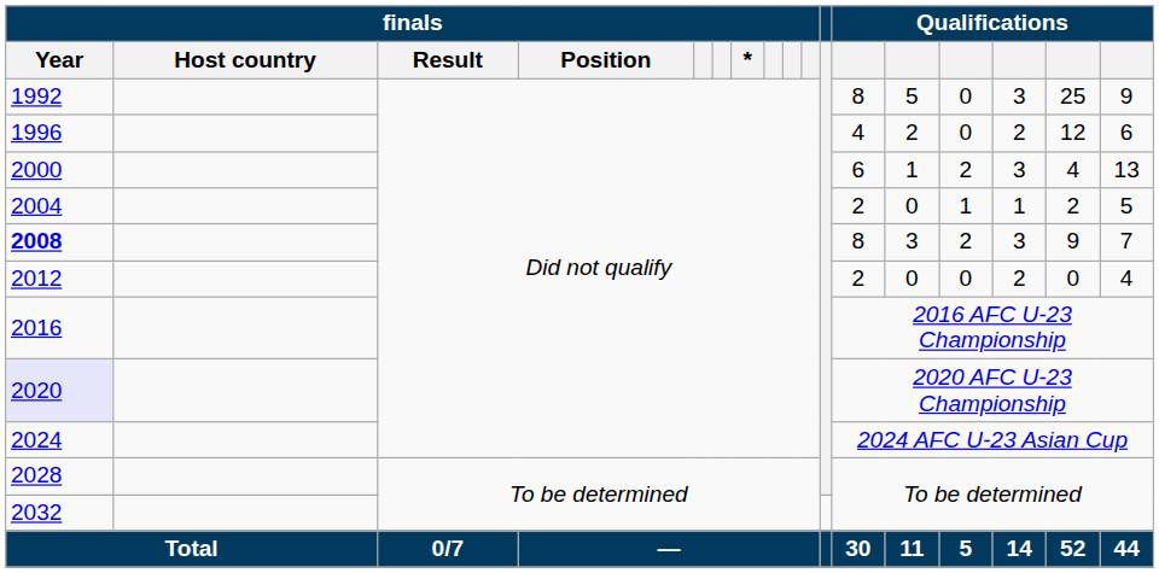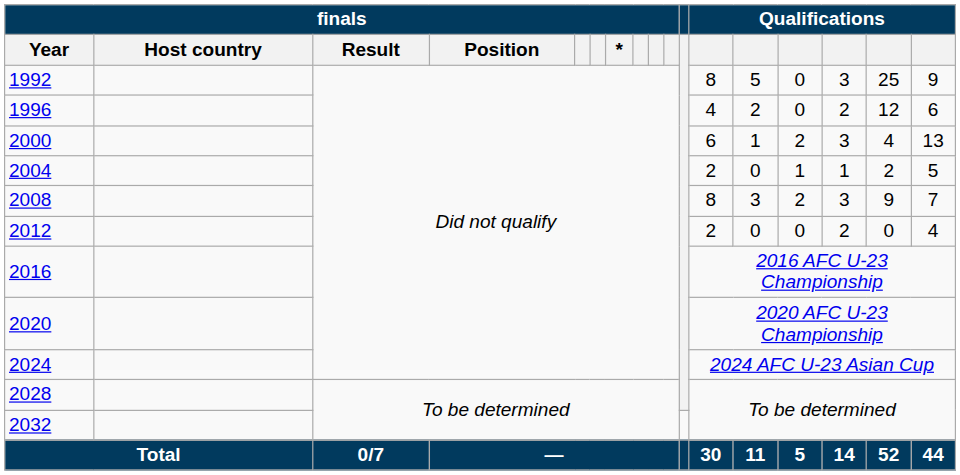 <table class="wikitable" style="text-align: center; font-size:100%; width: 800px">
 <tr>
 <th colspan="10" style="background: #013A5E; color: #FFFFFF;"><a href='#'></a> finals</th>
 <th style="background: #013A5E; color: #FFFFFF;"></th>
 <th colspan="6" style="background: #013A5E; color: #FFFFFF;">Qualifications</th>
 </tr>
 <tr>
 <th>Year</th>
 <th>Host country</th>
 <th>Result</th>
 <th>Position</th>
 <th></th>
 <th></th>
 <th>*</th>
 <th></th>
 <th></th>
 <th></th>
 <th rowspan="11" style="width:1%;"></th>
 <th width=30></th>
 <th width=30></th>
 <th width=30></th>
 <th width=30></th>
 <th width=30></th>
 <th width=30></th>
 </tr>
 <tr>
 <td style="text-align: left"><a href='#'>1992</a></td>
 <td style="text-align: left"></td>
 <td colspan="8" rowspan=9 style="text-align:center"><em>Did not qualify</em></td>
 <td>8</td>
 <td>5</td>
 <td>0</td>
 <td>3</td>
 <td>25</td>
 <td>9</td>
 </tr>
 <tr>
 <td style="text-align: left"><a href='#'>1996</a></td>
 <td style="text-align: left"></td>
 <td>4</td>
 <td>2</td>
 <td>0</td>
 <td>2</td>
 <td>12</td>
 <td>6</td>
 </tr>
 <tr>
 <td style="text-align: left"><a href='#'>2000</a></td>
 <td style="text-align: left"></td>
 <td>6</td>
 <td>1</td>
 <td>2</td>
 <td>3</td>
 <td>4</td>
 <td>13</td>
 </tr>
 <tr>
 <td style="text-align: left"><a href='#'>2004</a></td>
 <td style="text-align: left"></td>
 <td>2</td>
 <td>0</td>
 <td>1</td>
 <td>1</td>
 <td>2</td>
 <td>5</td>
 </tr>
 <tr>
-<td style="text-align: left"><strong><a href='#'>2008</a></strong></td>
+<td style="text-align: left"><a href='#'>2008</a></td>
 <td style="text-align: left"></td>
 <td>8</td>
 <td>3</td>
 <td>2</td>
 <td>3</td>
 <td>9</td>
 <td>7</td>
 </tr>
 <tr>
 <td style="text-align: left"><a href='#'>2012</a></td>
 <td style="text-align: left"></td>
 <td>2</td>
 <td>0</td>
 <td>0</td>
 <td>2</td>
 <td>0</td>
 <td>4</td>
 </tr>
 <tr>
 <td style="text-align: left"><a href='#'>2016</a></td>
 <td style="text-align: left"></td>
 <td colspan="6" style="text-align:center"><em><a href='#'>2016 AFC U-23 Championship</a></em></td>
 </tr>
 <tr>
-<td style="background: lavender; text-align: left"><a href='#'>2020</a></td>
+<td style="text-align: left"><a href='#'>2020</a></td>
 <td style="text-align: left"></td>
 <td colspan="6" style="text-align:center"><em><a href='#'>2020 AFC U-23 Championship</a></em></td>
 </tr>
 <tr>
 <td style="text-align: left"><a href='#'>2024</a></td>
 <td style="text-align: left"></td>
 <td colspan="6" style="text-align:center"><em><a href='#'>2024 AFC U-23 Asian Cup</a></em></td>
 </tr>
 <tr>
 <td style="text-align: left"><a href='#'>2028</a></td>
 <td style="text-align: left"></td>
 <td colspan="8" rowspan="2" style="text-align:center"><em>To be determined</em></td>
 <td colspan="6" rowspan="2" style="text-align:center"><em>To be determined</em></td>
 </tr>
 <tr>
 <td style="text-align: left"><a href='#'>2032</a></td>
 <td style="text-align: left"></td>
 </tr>
 <tr>
 </tr>
 <tr style="background: #013A5E; color: #FFFFFF;|">
 <td colspan="2"><strong>Total</strong></td>
 <td><strong>0/7</strong></td>
 <td colspan=7><strong>—</strong></td>
 <td></td>
 <td><strong>30</strong></td>
 <td><strong>11</strong></td>
 <td><strong>5</strong></td>
 <td><strong>14</strong></td>
 <td><strong>52</strong></td>
 <td><strong>44</strong></td>
 </tr>
 </table>
